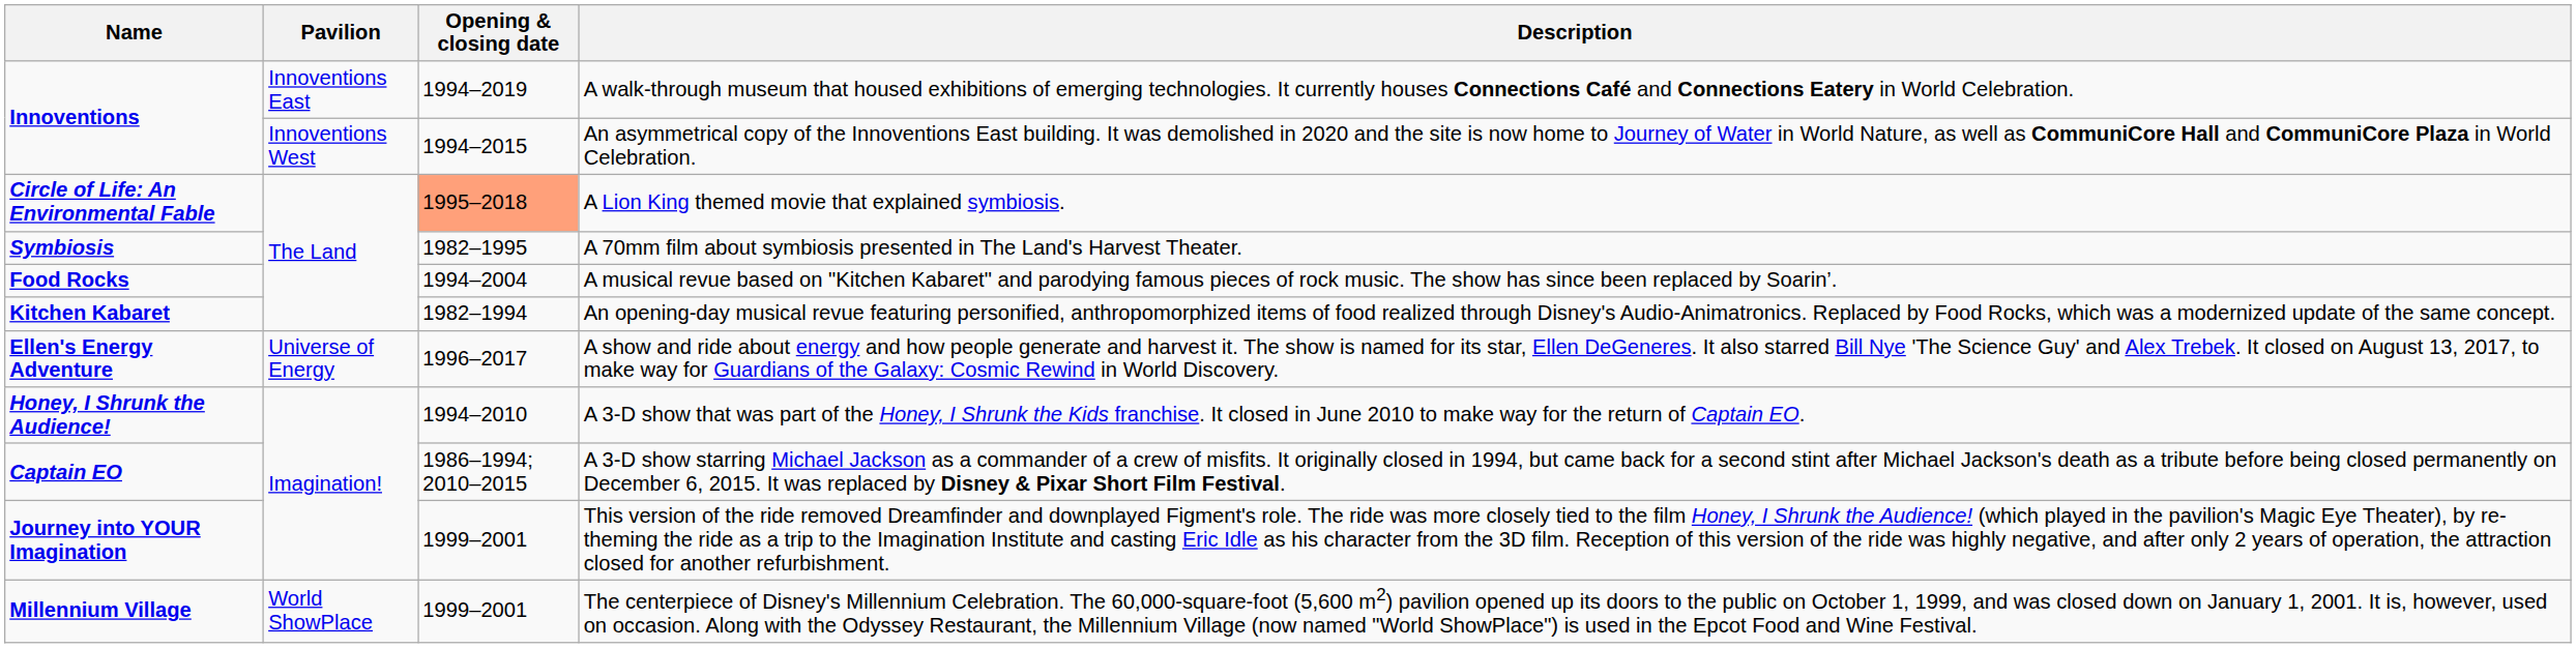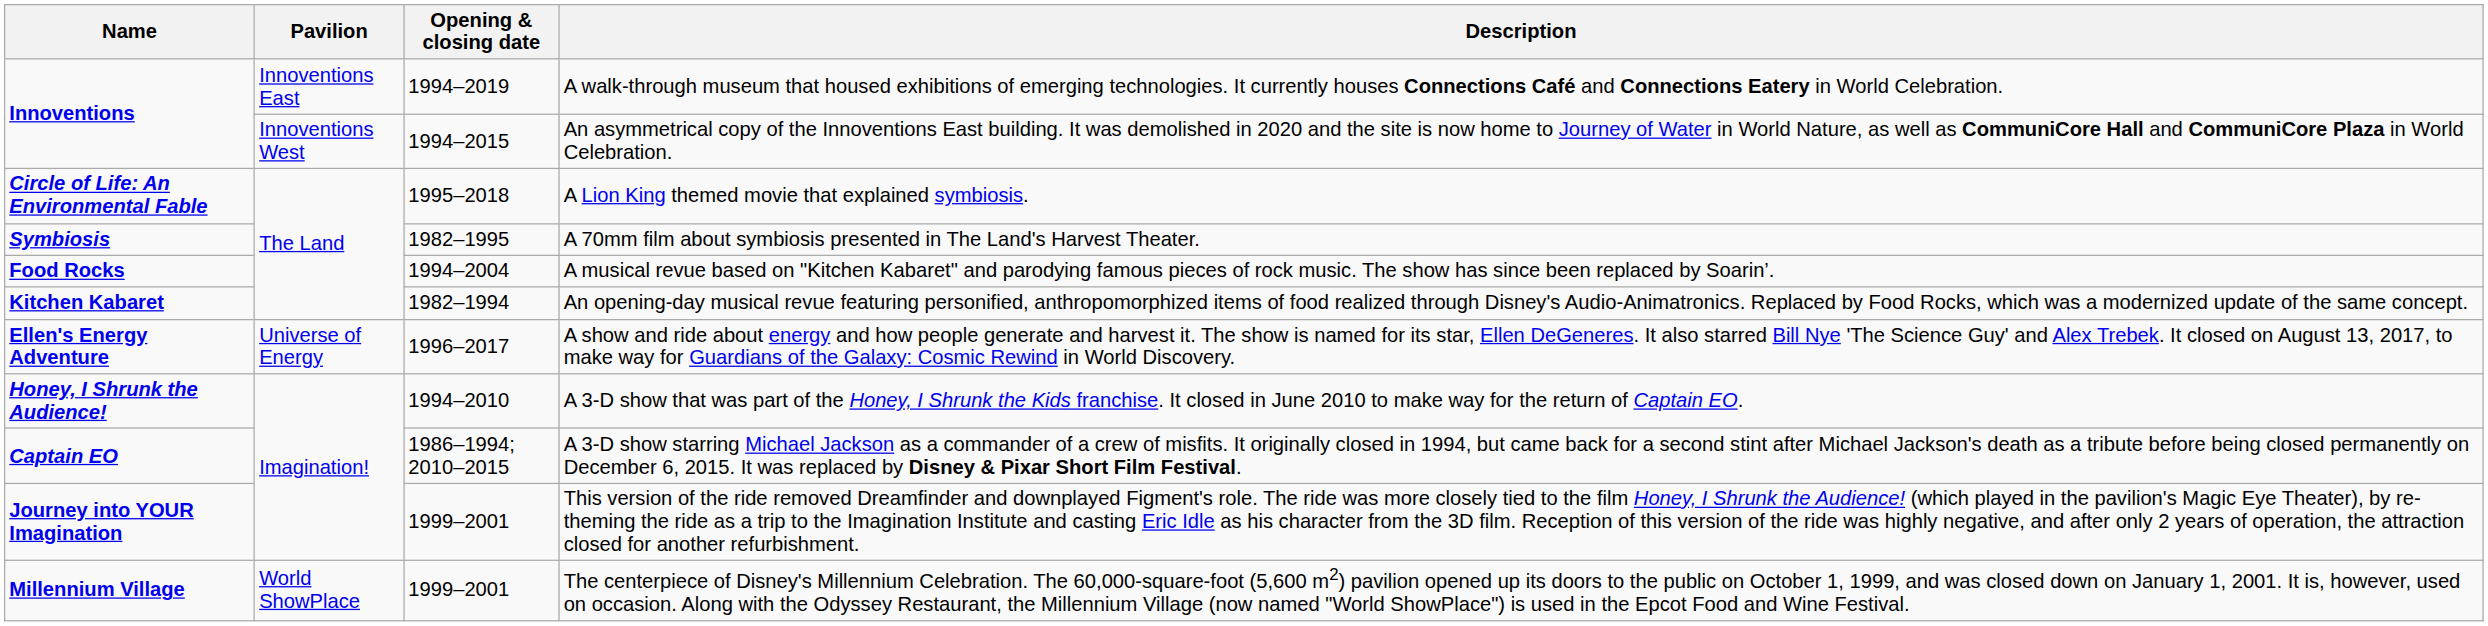 <table class="wikitable">
 <tr>
 <th>Name</th>
 <th>Pavilion</th>
 <th>Opening & closing date</th>
 <th>Description</th>
 </tr>
 <tr>
 <td rowspan="2"><strong><a href='#'>Innoventions</a></strong></td>
 <td><a href='#'>Innoventions East</a></td>
 <td>1994–2019</td>
 <td>A walk-through museum that housed exhibitions of emerging technologies. It currently houses <strong>Connections Café</strong> and <strong>Connections Eatery</strong> in World Celebration.</td>
 </tr>
 <tr>
 <td><a href='#'>Innoventions West</a></td>
 <td>1994–2015</td>
 <td>An asymmetrical copy of the Innoventions East building. It was demolished in 2020 and the site is now home to <a href='#'>Journey of Water</a> in World Nature, as well as <strong>CommuniCore  Hall</strong> and <strong>CommuniCore Plaza</strong> in World Celebration.</td>
 </tr>
 <tr>
 <td><strong><em><a href='#'>Circle of Life: An Environmental Fable</a></em></strong></td>
 <td rowspan="4"><a href='#'>The Land</a></td>
-<td style="background: lightsalmon;">1995–2018</td>
+<td>1995–2018</td>
 <td>A <a href='#'>Lion King</a> themed movie that explained <a href='#'>symbiosis</a>.</td>
 </tr>
 <tr>
 <td><em><a href='#'><strong>Symbiosis</strong></a></em></td>
 <td>1982–1995</td>
 <td>A 70mm film about symbiosis presented in The Land's Harvest Theater.</td>
 </tr>
 <tr>
 <td><strong><a href='#'>Food Rocks</a></strong></td>
 <td>1994–2004</td>
 <td>A musical revue based on "Kitchen Kabaret" and parodying famous pieces of rock music. The show has since been replaced by Soarin’.</td>
 </tr>
 <tr>
 <td><strong><a href='#'>Kitchen Kabaret</a></strong></td>
 <td>1982–1994</td>
 <td>An opening-day musical revue featuring personified, anthropomorphized items of food realized through Disney's Audio-Animatronics. Replaced by Food Rocks, which was a modernized update of the same concept.</td>
 </tr>
 <tr>
 <td><strong><a href='#'>Ellen's Energy Adventure</a></strong></td>
 <td><a href='#'>Universe of Energy</a></td>
 <td>1996–2017</td>
 <td>A show and ride about <a href='#'>energy</a> and how people generate and harvest it. The show is named for its star, <a href='#'>Ellen DeGeneres</a>. It also starred <a href='#'>Bill Nye</a> 'The Science Guy' and <a href='#'>Alex Trebek</a>. It closed on August 13, 2017, to make way for <a href='#'>Guardians of the Galaxy: Cosmic Rewind</a> in World Discovery.</td>
 </tr>
 <tr>
 <td><strong><em><a href='#'>Honey, I Shrunk the Audience!</a></em></strong></td>
 <td rowspan="3"><a href='#'>Imagination!</a></td>
 <td>1994–2010</td>
 <td>A 3-D show that was part of the <a href='#'><em>Honey, I Shrunk the Kids</em> franchise</a>. It closed in June 2010 to make way for the return of <em><a href='#'>Captain EO</a></em>.</td>
 </tr>
 <tr>
 <td><strong><em><a href='#'>Captain EO</a></em></strong></td>
 <td>1986–1994; 2010–2015</td>
 <td>A 3-D show starring <a href='#'>Michael Jackson</a> as a commander of a crew of misfits. It originally closed in 1994, but came back for a second stint after Michael Jackson's death as a tribute before being closed permanently on December 6, 2015. It was replaced by <strong>Disney & Pixar Short Film Festival</strong>.</td>
 </tr>
 <tr>
 <td><strong><a href='#'>Journey into YOUR Imagination</a></strong></td>
 <td>1999–2001</td>
 <td>This version of the ride removed Dreamfinder and downplayed Figment's role. The ride was more closely tied to the film <em><a href='#'>Honey, I Shrunk the Audience!</a></em> (which played in the pavilion's Magic Eye Theater), by re-theming the ride as a trip to the Imagination Institute and casting <a href='#'>Eric Idle</a> as his character from the 3D film. Reception of this version of the ride was highly negative, and after only 2 years of operation, the attraction closed for another refurbishment.</td>
 </tr>
 <tr>
 <td><strong><a href='#'>Millennium Village</a></strong></td>
 <td><a href='#'>World ShowPlace</a></td>
 <td>1999–2001</td>
 <td>The centerpiece of Disney's Millennium Celebration. The 60,000-square-foot (5,600 m<sup>2</sup>) pavilion opened up its doors to the public on October 1, 1999, and was closed down on January 1, 2001. It is, however, used on occasion. Along with the Odyssey Restaurant, the Millennium Village (now named "World ShowPlace") is used in the Epcot Food and Wine Festival.</td>
 </tr>
 </table>
